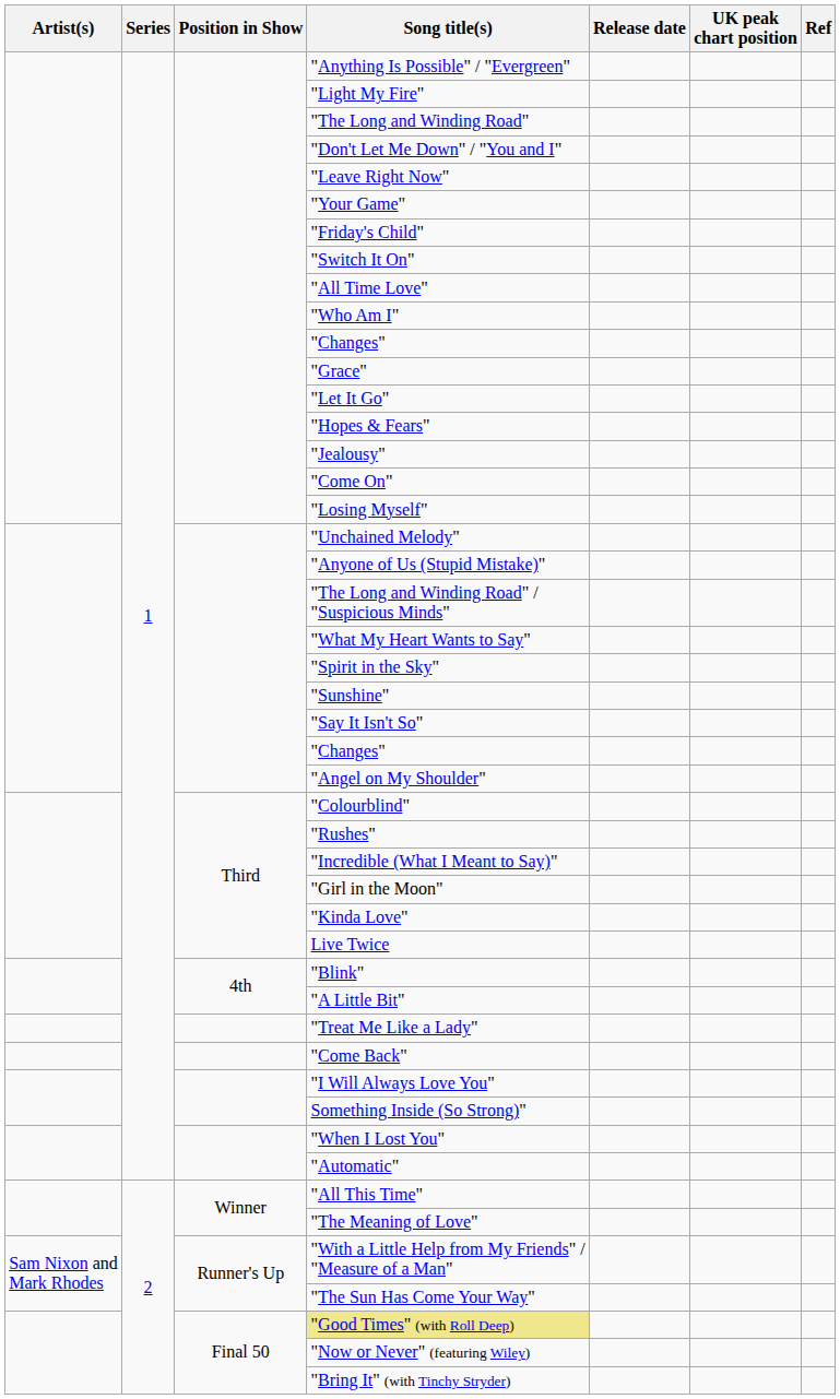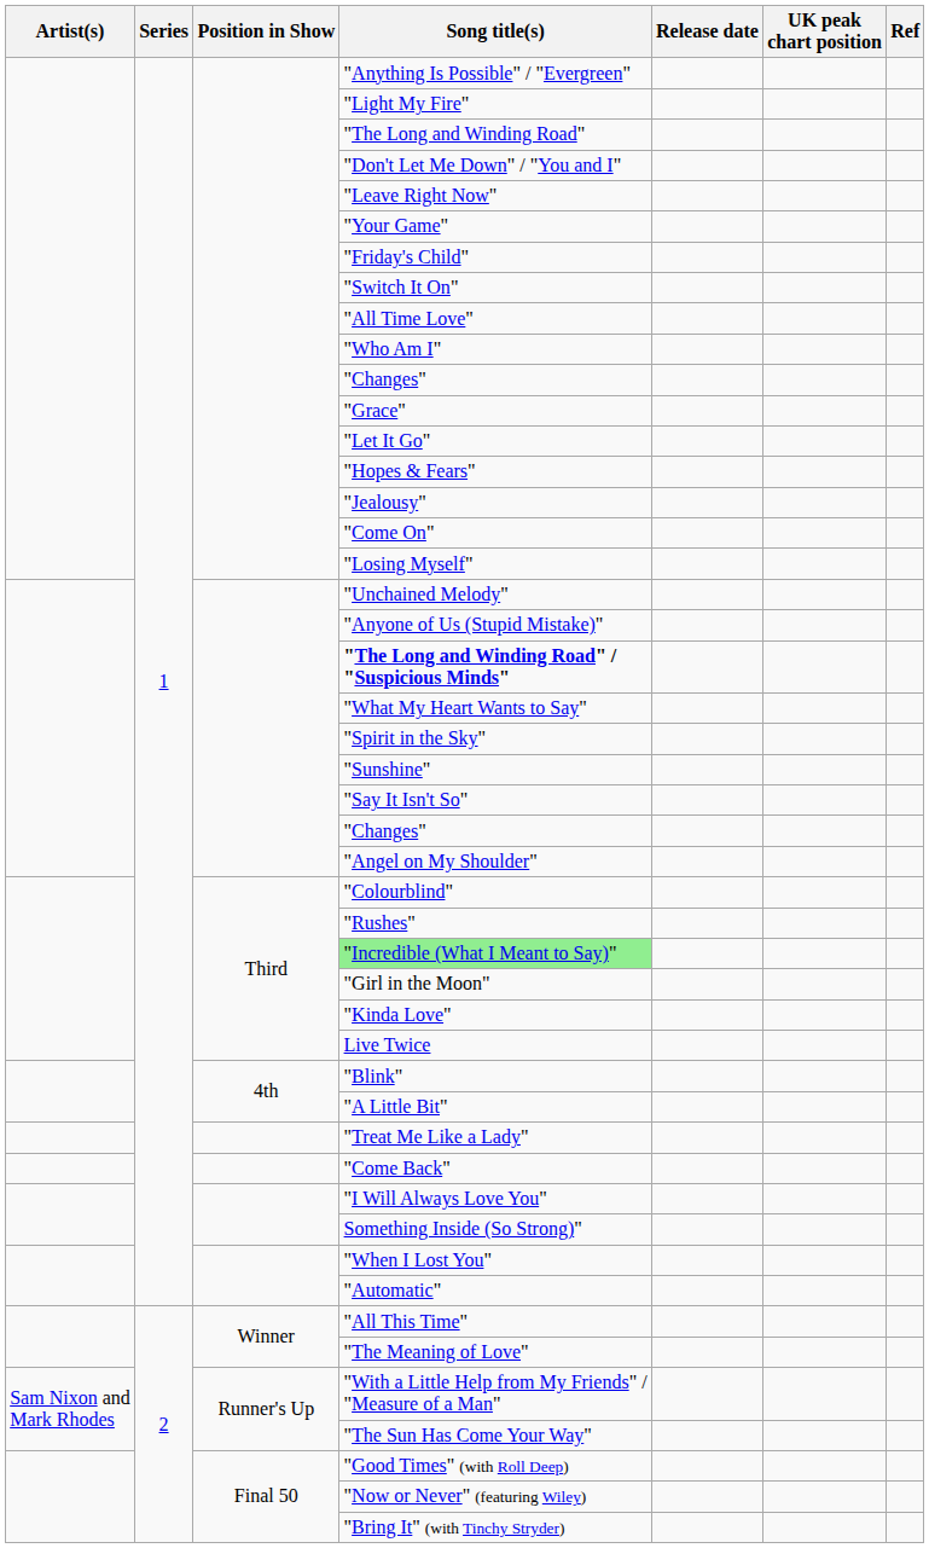 <table class="wikitable sortable">
 <tr>
 <th>Artist(s)</th>
 <th>Series</th>
 <th>Position in Show</th>
 <th>Song title(s)</th>
 <th>Release date</th>
 <th>UK peak<br>chart position</th>
 <th class="unsortable">Ref</th>
 </tr>
 <tr>
 <td rowspan="17"></td>
 <td style="text-align:center;" rowspan="40"><a href='#'>1</a></td>
 <td style="text-align:center;" rowspan="17"></td>
 <td>"<a href='#'>Anything Is Possible</a>" / "<a href='#'>Evergreen</a>"</td>
 <td></td>
 <td style="text-align:center;"></td>
 <td></td>
 </tr>
 <tr>
 <td>"<a href='#'>Light My Fire</a>"</td>
 <td></td>
 <td style="text-align:center;"></td>
 <td></td>
 </tr>
 <tr>
 <td>"<a href='#'>The Long and Winding Road</a>"</td>
 <td></td>
 <td style="text-align:center;"></td>
 <td></td>
 </tr>
 <tr>
 <td>"<a href='#'>Don't Let Me Down</a>" / "<a href='#'>You and I</a>"</td>
 <td></td>
 <td style="text-align:center;"></td>
 <td></td>
 </tr>
 <tr>
 <td>"<a href='#'>Leave Right Now</a>"</td>
 <td></td>
 <td style="text-align:center;"></td>
 <td></td>
 </tr>
 <tr>
 <td>"<a href='#'>Your Game</a>"</td>
 <td></td>
 <td style="text-align:center;"></td>
 <td></td>
 </tr>
 <tr>
 <td>"<a href='#'>Friday's Child</a>"</td>
 <td></td>
 <td style="text-align:center;"></td>
 <td></td>
 </tr>
 <tr>
 <td>"<a href='#'>Switch It On</a>"</td>
 <td></td>
 <td style="text-align:center;"></td>
 <td></td>
 </tr>
 <tr>
 <td>"<a href='#'>All Time Love</a>"</td>
 <td></td>
 <td style="text-align:center;"></td>
 <td></td>
 </tr>
 <tr>
 <td>"<a href='#'>Who Am I</a>"</td>
 <td></td>
 <td style="text-align:center;"></td>
 <td></td>
 </tr>
 <tr>
 <td>"<a href='#'>Changes</a>"</td>
 <td></td>
 <td style="text-align:center;"></td>
 <td></td>
 </tr>
 <tr>
 <td>"<a href='#'>Grace</a>"</td>
 <td></td>
 <td style="text-align:center;"></td>
 <td></td>
 </tr>
 <tr>
 <td>"<a href='#'>Let It Go</a>"</td>
 <td></td>
 <td style="text-align:center;"></td>
 <td></td>
 </tr>
 <tr>
 <td>"<a href='#'>Hopes & Fears</a>"</td>
 <td></td>
 <td style="text-align:center;"></td>
 <td></td>
 </tr>
 <tr>
 <td>"<a href='#'>Jealousy</a>"</td>
 <td></td>
 <td style="text-align:center;"></td>
 <td></td>
 </tr>
 <tr>
 <td>"<a href='#'>Come On</a>"</td>
 <td></td>
 <td style="text-align:center;"></td>
 <td></td>
 </tr>
 <tr>
 <td>"<a href='#'>Losing Myself</a>"</td>
 <td></td>
 <td style="text-align:center;"></td>
 <td></td>
 </tr>
 <tr>
 <td rowspan="9"></td>
 <td style="text-align:center;" rowspan="9"></td>
 <td>"<a href='#'>Unchained Melody</a>"</td>
 <td></td>
 <td style="text-align:center;"></td>
 <td></td>
 </tr>
 <tr>
 <td>"<a href='#'>Anyone of Us (Stupid Mistake)</a>"</td>
 <td></td>
 <td style="text-align:center;"></td>
 <td></td>
 </tr>
 <tr>
-<td>"<a href='#'>The Long and Winding Road</a>" / <br> "<a href='#'>Suspicious Minds</a>"</td>
+<td><strong>"<a href='#'>The Long and Winding Road</a>" / <br> "<a href='#'>Suspicious Minds</a>"</strong></td>
 <td></td>
 <td style="text-align:center;"></td>
 <td></td>
 </tr>
 <tr>
 <td>"<a href='#'>What My Heart Wants to Say</a>"</td>
 <td></td>
 <td style="text-align:center;"></td>
 <td></td>
 </tr>
 <tr>
 <td>"<a href='#'>Spirit in the Sky</a>"</td>
 <td></td>
 <td style="text-align:center;"></td>
 <td></td>
 </tr>
 <tr>
 <td>"<a href='#'>Sunshine</a>"</td>
 <td></td>
 <td style="text-align:center;"></td>
 <td></td>
 </tr>
 <tr>
 <td>"<a href='#'>Say It Isn't So</a>"</td>
 <td></td>
 <td style="text-align:center;"></td>
 <td></td>
 </tr>
 <tr>
 <td>"<a href='#'>Changes</a>"</td>
 <td></td>
 <td style="text-align:center;"></td>
 <td></td>
 </tr>
 <tr>
 <td>"<a href='#'>Angel on My Shoulder</a>"</td>
 <td></td>
 <td style="text-align:center;"></td>
 <td></td>
 </tr>
 <tr>
 <td rowspan="6"></td>
 <td style="text-align:center;" rowspan="6">Third</td>
 <td>"<a href='#'>Colourblind</a>"</td>
 <td></td>
 <td style="text-align:center;"></td>
 <td></td>
 </tr>
 <tr>
 <td>"<a href='#'>Rushes</a>"</td>
 <td></td>
 <td style="text-align:center;"></td>
 <td></td>
 </tr>
 <tr>
-<td>"<a href='#'>Incredible (What I Meant to Say)</a>"</td>
+<td style="background: lightgreen;">"<a href='#'>Incredible (What I Meant to Say)</a>"</td>
 <td></td>
 <td style="text-align:center;"></td>
 <td></td>
 </tr>
 <tr>
 <td>"Girl in the Moon"</td>
 <td></td>
 <td style="text-align:center;"></td>
 <td></td>
 </tr>
 <tr>
 <td>"<a href='#'>Kinda Love</a>"</td>
 <td></td>
 <td style="text-align:center;"></td>
 <td></td>
 </tr>
 <tr>
 <td><a href='#'>Live Twice</a></td>
 <td></td>
 <td style="text-align:center;"></td>
 <td></td>
 </tr>
 <tr>
 <td rowspan="2"></td>
 <td style="text-align:center;" rowspan="2">4th</td>
 <td>"<a href='#'>Blink</a>"</td>
 <td></td>
 <td style="text-align:center;"></td>
 <td></td>
 </tr>
 <tr>
 <td>"<a href='#'>A Little Bit</a>"</td>
 <td></td>
 <td style="text-align:center;"></td>
 <td></td>
 </tr>
 <tr>
 <td></td>
 <td style="text-align:center;"></td>
 <td>"<a href='#'>Treat Me Like a Lady</a>"</td>
 <td></td>
 <td style="text-align:center;"></td>
 <td></td>
 </tr>
 <tr>
 <td></td>
 <td style="text-align:center;"></td>
 <td>"<a href='#'>Come Back</a>"</td>
 <td></td>
 <td style="text-align:center;"></td>
 <td></td>
 </tr>
 <tr>
 <td rowspan="2"></td>
 <td style="text-align:center;" rowspan="2"></td>
 <td>"<a href='#'>I Will Always Love You</a>"</td>
 <td></td>
 <td style="text-align:center;"></td>
 <td></td>
 </tr>
 <tr>
 <td><a href='#'>Something Inside (So Strong)</a>"</td>
 <td></td>
 <td style="text-align:center;"></td>
 <td></td>
 </tr>
 <tr>
 <td rowspan="2"></td>
 <td style="text-align:center;" rowspan="2"></td>
 <td>"<a href='#'>When I Lost You</a>"</td>
 <td></td>
 <td style="text-align:center;"></td>
 <td></td>
 </tr>
 <tr>
 <td>"<a href='#'>Automatic</a>"</td>
 <td></td>
 <td style="text-align:center;"></td>
 <td></td>
 </tr>
 <tr>
 <td rowspan="2"></td>
 <td style="text-align:center;" rowspan="7"><a href='#'>2</a></td>
 <td style="text-align:center;" rowspan="2">Winner</td>
 <td>"<a href='#'>All This Time</a>"</td>
 <td></td>
 <td style="text-align:center;"></td>
 <td></td>
 </tr>
 <tr>
 <td>"<a href='#'>The Meaning of Love</a>"</td>
 <td></td>
 <td style="text-align:center;"></td>
 <td></td>
 </tr>
 <tr>
 <td rowspan="2"><a href='#'>Sam Nixon</a> and<br><a href='#'>Mark Rhodes</a></td>
 <td style="text-align:center;" rowspan="2">Runner's Up</td>
 <td>"<a href='#'>With a Little Help from My Friends</a>" / <br>"<a href='#'>Measure of a Man</a>"</td>
 <td></td>
 <td style="text-align:center;"></td>
 <td></td>
 </tr>
 <tr>
 <td>"<a href='#'>The Sun Has Come Your Way</a>"</td>
 <td></td>
 <td style="text-align:center;"></td>
 <td></td>
 </tr>
 <tr>
 <td rowspan="3"></td>
 <td style="text-align:center;" rowspan="3">Final 50</td>
-<td style="background: khaki;">"<a href='#'>Good Times</a>" <small>(with <a href='#'>Roll Deep</a>)</small></td>
+<td>"<a href='#'>Good Times</a>" <small>(with <a href='#'>Roll Deep</a>)</small></td>
 <td></td>
 <td style="text-align:center;"></td>
 <td></td>
 </tr>
 <tr>
 <td>"<a href='#'>Now or Never</a>" <small>(featuring <a href='#'>Wiley</a>)</small></td>
 <td></td>
 <td style="text-align:center;"></td>
 <td></td>
 </tr>
 <tr>
 <td>"<a href='#'>Bring It</a>" <small>(with <a href='#'>Tinchy Stryder</a>)</small></td>
 <td></td>
 <td style="text-align:center;"></td>
 <td></td>
 </tr>
 </table>
